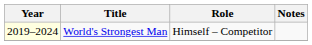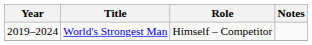 <table class="wikitable sortable">
 <tr>
 <th>Year</th>
 <th>Title</th>
 <th>Role</th>
 <th>Notes</th>
 </tr>
 <tr>
-<td style="background: lightyellow;">2019–2024</td>
+<td>2019–2024</td>
 <td><a href='#'>World's Strongest Man</a></td>
 <td>Himself – Competitor</td>
 <td></td>
 </tr>
 <tr>
 </tr>
 </table>
